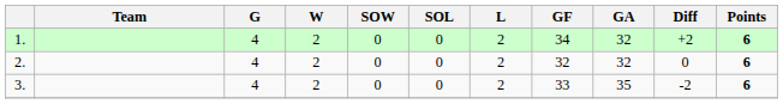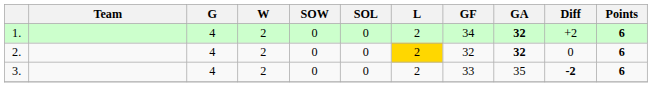 <table class=wikitable style="text-align:center">
 <tr bgcolor="#DCDCDC">
 <th width="25"></th>
 <th width="200">Team</th>
 <th width="60">G</th>
 <th width="60">W</th>
 <th width="60">SOW</th>
 <th width="60">SOL</th>
 <th width="60">L</th>
 <th width="60">GF</th>
 <th width="60">GA</th>
 <th width="60">Diff</th>
 <th width="60">Points</th>
 </tr>
 <tr bgcolor=#ccffcc>
 <td>1.</td>
 <td align=left></td>
 <td>4</td>
 <td>2</td>
 <td>0</td>
 <td>0</td>
 <td>2</td>
 <td>34</td>
-<td>32</td>
+<td><strong>32</strong></td>
 <td>+2</td>
 <td><strong>6</strong></td>
 </tr>
 <tr>
 <td>2.</td>
 <td align=left></td>
 <td>4</td>
 <td>2</td>
 <td>0</td>
 <td>0</td>
-<td>2</td>
+<td style="background: gold;">2</td>
 <td>32</td>
-<td>32</td>
+<td><strong>32</strong></td>
 <td>0</td>
 <td><strong>6</strong></td>
 </tr>
 <tr>
 <td>3.</td>
 <td align=left></td>
 <td>4</td>
 <td>2</td>
 <td>0</td>
 <td>0</td>
 <td>2</td>
 <td>33</td>
 <td>35</td>
-<td>-2</td>
+<td><strong>-2</strong></td>
 <td><strong>6</strong></td>
 </tr>
 <tr>
 </tr>
 </table>
